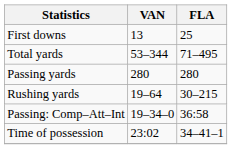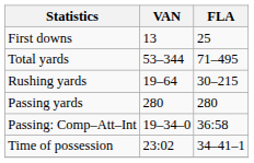 <table class="wikitable" style="float: left;">
 <tr>
 <th>Statistics</th>
 <th>VAN</th>
 <th>FLA</th>
 </tr>
 <tr>
 <td>First downs</td>
 <td>13</td>
 <td>25</td>
 </tr>
 <tr>
 <td>Total yards</td>
 <td>53–344</td>
 <td>71–495</td>
 </tr>
 <tr>
+<td>Rushing yards</td>
+<td>19–64</td>
+<td>30–215</td>
+</tr>
+<tr>
 <td>Passing yards</td>
 <td>280</td>
 <td>280</td>
-</tr>
-<tr>
-<td>Rushing yards</td>
-<td>19–64</td>
-<td>30–215</td>
 </tr>
 <tr>
 <td>Passing: Comp–Att–Int</td>
 <td>19–34–0</td>
 <td>36:58</td>
 </tr>
 <tr>
 <td>Time of possession</td>
 <td>23:02</td>
 <td>34–41–1</td>
 </tr>
 <tr>
 </tr>
 </table>
